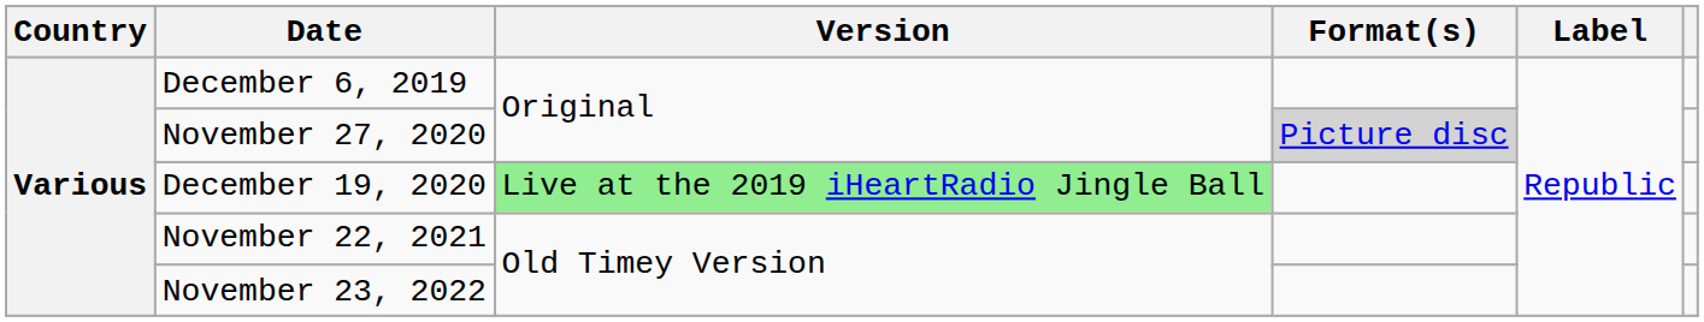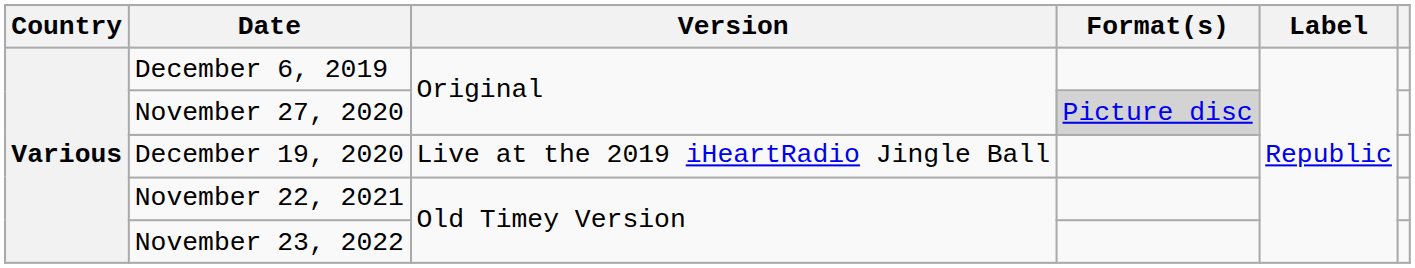 <table class="wikitable plainrowheaders">
 <tr>
 <th scope="col">Country</th>
 <th scope="col">Date</th>
 <th scope="col">Version</th>
 <th scope="col">Format(s)</th>
 <th scope="col">Label</th>
 <th scope="col"></th>
 </tr>
 <tr>
 <th scope="row" rowspan="5">Various</th>
 <td>December 6, 2019</td>
 <td rowspan="2">Original</td>
 <td></td>
 <td rowspan="5"><a href='#'>Republic</a></td>
 <td align="center"></td>
 </tr>
 <tr>
 <td>November 27, 2020</td>
 <td style="background: lightgrey;"><a href='#'>Picture disc</a></td>
 <td align="center"></td>
 </tr>
 <tr>
 <td>December 19, 2020</td>
-<td rowspan="1" style="background: lightgreen;">Live at the 2019 <a href='#'>iHeartRadio</a> Jingle Ball</td>
+<td rowspan="1">Live at the 2019 <a href='#'>iHeartRadio</a> Jingle Ball</td>
 <td></td>
 <td align="center"></td>
 </tr>
 <tr>
 <td>November 22, 2021</td>
 <td rowspan="2">Old Timey Version</td>
 <td></td>
 <td align="center"></td>
 </tr>
 <tr>
 <td>November 23, 2022</td>
 <td></td>
 <td align="center"></td>
 </tr>
 </table>
